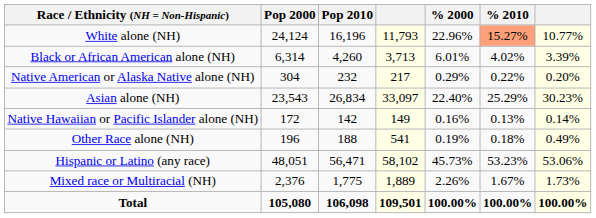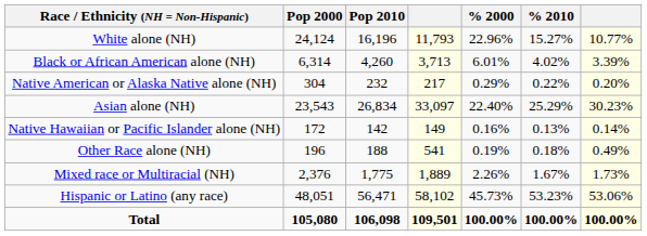 <table class="wikitable" style="text-align:center;">
 <tr>
 <th>Race / Ethnicity <small>(<em>NH = Non-Hispanic</em>)</small></th>
 <th>Pop 2000</th>
 <th>Pop 2010</th>
 <th></th>
 <th>% 2000</th>
 <th>% 2010</th>
 <th></th>
 </tr>
 <tr>
 <td><a href='#'>White</a> alone (NH)</td>
 <td>24,124</td>
 <td>16,196</td>
 <td style='background: #ffffe6;'>11,793</td>
 <td>22.96%</td>
-<td style="background: lightsalmon;">15.27%</td>
+<td>15.27%</td>
 <td style='background: #ffffe6;'>10.77%</td>
 </tr>
 <tr>
 <td><a href='#'>Black or African American</a> alone (NH)</td>
 <td>6,314</td>
 <td>4,260</td>
 <td style='background: #ffffe6;'>3,713</td>
 <td>6.01%</td>
 <td>4.02%</td>
 <td style='background: #ffffe6;'>3.39%</td>
 </tr>
 <tr>
 <td><a href='#'>Native American</a> or <a href='#'>Alaska Native</a> alone (NH)</td>
 <td>304</td>
 <td>232</td>
 <td style='background: #ffffe6;'>217</td>
 <td>0.29%</td>
 <td>0.22%</td>
 <td style='background: #ffffe6;'>0.20%</td>
 </tr>
 <tr>
 <td><a href='#'>Asian</a> alone (NH)</td>
 <td>23,543</td>
 <td>26,834</td>
 <td style='background: #ffffe6;'>33,097</td>
 <td>22.40%</td>
 <td>25.29%</td>
 <td style='background: #ffffe6;'>30.23%</td>
 </tr>
 <tr>
 <td><a href='#'>Native Hawaiian</a> or <a href='#'>Pacific Islander</a> alone (NH)</td>
 <td>172</td>
 <td>142</td>
 <td style='background: #ffffe6;'>149</td>
 <td>0.16%</td>
 <td>0.13%</td>
 <td style='background: #ffffe6;'>0.14%</td>
 </tr>
 <tr>
 <td><a href='#'>Other Race</a> alone (NH)</td>
 <td>196</td>
 <td>188</td>
 <td style='background: #ffffe6;'>541</td>
 <td>0.19%</td>
 <td>0.18%</td>
 <td style='background: #ffffe6;'>0.49%</td>
 </tr>
 <tr>
+<td><a href='#'>Mixed race or Multiracial</a> (NH)</td>
+<td>2,376</td>
+<td>1,775</td>
+<td style='background: #ffffe6;'>1,889</td>
+<td>2.26%</td>
+<td>1.67%</td>
+<td style='background: #ffffe6;'>1.73%</td>
+</tr>
+<tr>
 <td><a href='#'>Hispanic or Latino</a> (any race)</td>
 <td>48,051</td>
 <td>56,471</td>
 <td style='background: #ffffe6;'>58,102</td>
 <td>45.73%</td>
 <td>53.23%</td>
 <td style='background: #ffffe6;'>53.06%</td>
-</tr>
-<tr>
-<td><a href='#'>Mixed race or Multiracial</a> (NH)</td>
-<td>2,376</td>
-<td>1,775</td>
-<td style='background: #ffffe6;'>1,889</td>
-<td>2.26%</td>
-<td>1.67%</td>
-<td style='background: #ffffe6;'>1.73%</td>
 </tr>
 <tr>
 <td><strong>Total</strong></td>
 <td><strong>105,080</strong></td>
 <td><strong>106,098</strong></td>
 <td style='background: #ffffe6;'><strong>109,501</strong></td>
 <td><strong>100.00%</strong></td>
 <td><strong>100.00%</strong></td>
 <td style='background: #ffffe6;'><strong>100.00%</strong></td>
 </tr>
 </table>
